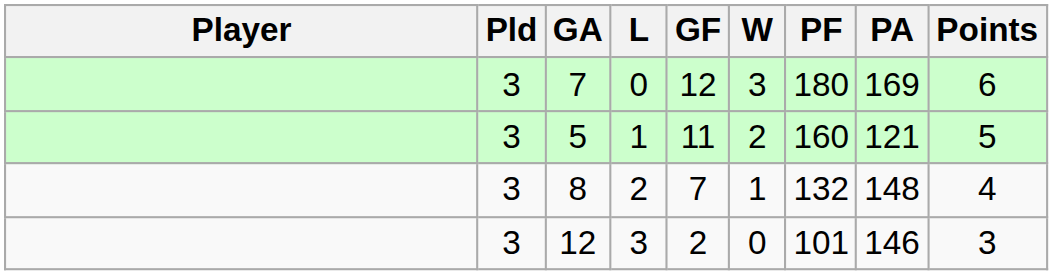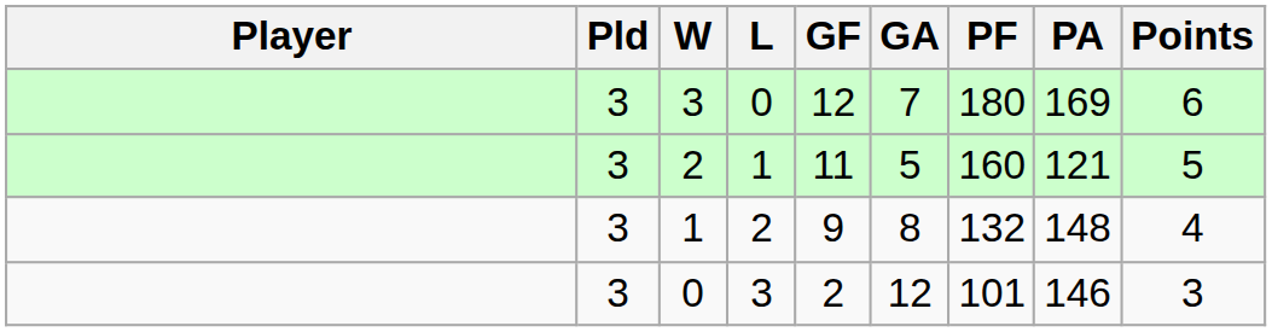 <table class=wikitable style="text-align:center">
 <tr>
 <th width=220>Player</th>
 <th width=20>Pld</th>
-<th width=20>GA</th>
+<th width=20>W</th>
 <th width=20>L</th>
 <th width=20>GF</th>
-<th width=20>W</th>
+<th width=20>GA</th>
 <th width=20>PF</th>
 <th width=20>PA</th>
 <th width=50>Points</th>
 </tr>
 <tr bgcolor="#ccffcc">
 <td align=left></td>
 <td>3</td>
-<td>7</td>
+<td>3</td>
 <td>0</td>
 <td>12</td>
-<td>3</td>
+<td>7</td>
 <td>180</td>
 <td>169</td>
 <td>6</td>
 </tr>
 <tr bgcolor="#ccffcc">
 <td align=left></td>
 <td>3</td>
-<td>5</td>
+<td>2</td>
 <td>1</td>
 <td>11</td>
-<td>2</td>
+<td>5</td>
 <td>160</td>
 <td>121</td>
 <td>5</td>
 </tr>
 <tr>
 <td align=left></td>
 <td>3</td>
+<td>1</td>
+<td>2</td>
+<td>9</td>
 <td>8</td>
-<td>2</td>
-<td>7</td>
-<td>1</td>
 <td>132</td>
 <td>148</td>
 <td>4</td>
 </tr>
 <tr>
 <td align=left></td>
 <td>3</td>
-<td>12</td>
+<td>0</td>
 <td>3</td>
 <td>2</td>
-<td>0</td>
+<td>12</td>
 <td>101</td>
 <td>146</td>
 <td>3</td>
 </tr>
 </table>
